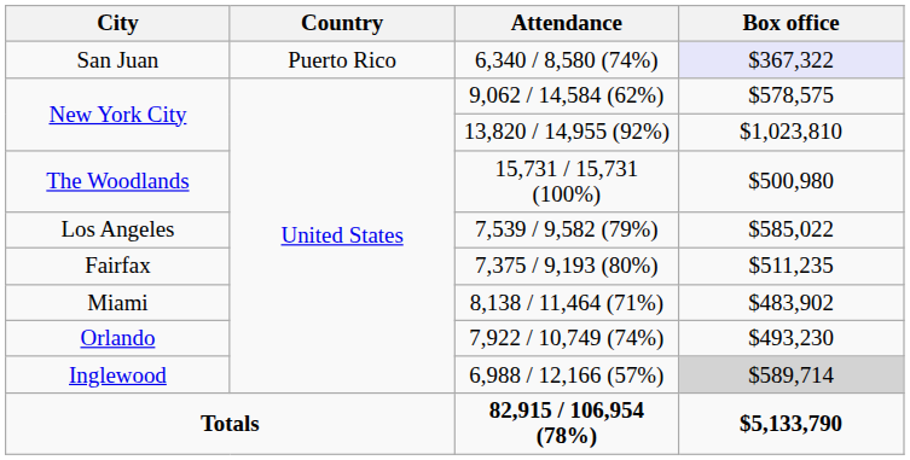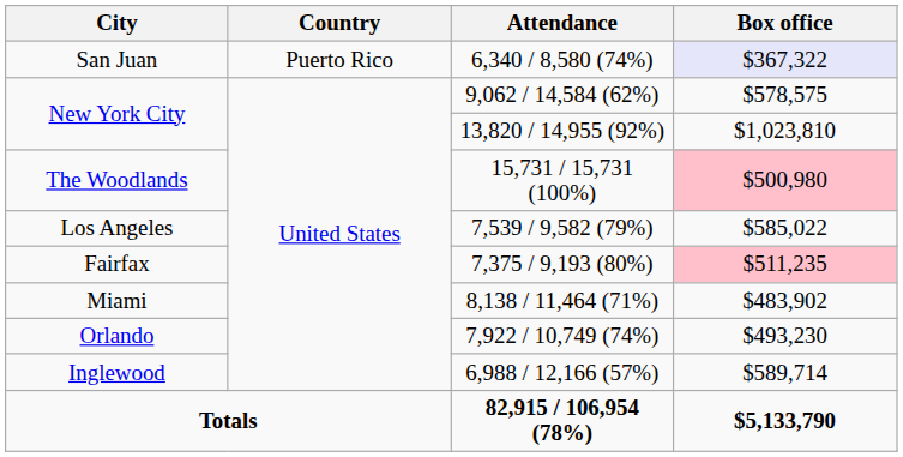 <table class="wikitable" style="text-align:center;">
 <tr>
 <th width="150">City</th>
 <th width="150">Country</th>
 <th width="150">Attendance</th>
 <th width="150">Box office</th>
 </tr>
 <tr>
 <td>San Juan</td>
 <td>Puerto Rico</td>
 <td>6,340 / 8,580 (74%)</td>
 <td style="background: lavender;">$367,322</td>
 </tr>
 <tr>
 <td rowspan="2"><a href='#'>New York City</a></td>
 <td rowspan="8"><a href='#'>United States</a></td>
 <td>9,062 / 14,584 (62%)</td>
 <td>$578,575</td>
 </tr>
 <tr>
 <td>13,820 / 14,955 (92%)</td>
 <td>$1,023,810</td>
 </tr>
 <tr>
 <td><a href='#'>The Woodlands</a></td>
 <td>15,731 / 15,731 (100%)</td>
-<td>$500,980</td>
+<td style="background: pink;">$500,980</td>
 </tr>
 <tr>
 <td>Los Angeles</td>
 <td>7,539 / 9,582 (79%)</td>
 <td>$585,022</td>
 </tr>
 <tr>
 <td>Fairfax</td>
 <td>7,375 / 9,193 (80%)</td>
-<td>$511,235</td>
+<td style="background: pink;">$511,235</td>
 </tr>
 <tr>
 <td>Miami</td>
 <td>8,138 / 11,464 (71%)</td>
 <td>$483,902</td>
 </tr>
 <tr>
 <td><a href='#'>Orlando</a></td>
 <td>7,922 / 10,749 (74%)</td>
 <td>$493,230</td>
 </tr>
 <tr>
 <td><a href='#'>Inglewood</a></td>
 <td>6,988 / 12,166 (57%)</td>
-<td style="background: lightgrey;">$589,714</td>
+<td>$589,714</td>
 </tr>
 <tr>
 <td colspan="2"><strong>Totals</strong></td>
 <td colspan="1"><strong>82,915 / 106,954 (78%)</strong></td>
 <td colspan="1"><strong>$5,133,790</strong></td>
 </tr>
 </table>
